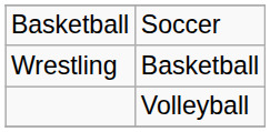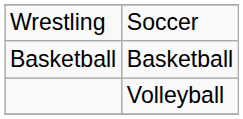 <table class="wikitable" style="float:right; clear:right; margin:0 0 1em 1em;">
 <tr>
 </tr>
 <tr>
-<td>Basketball</td>
+<td>Wrestling</td>
 <td>Soccer</td>
 </tr>
 <tr>
-<td>Wrestling</td>
+<td>Basketball</td>
 <td>Basketball</td>
 </tr>
 <tr>
 <td></td>
 <td>Volleyball</td>
 </tr>
 <tr>
 </tr>
 </table>
